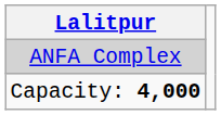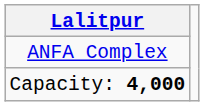 <table class="wikitable" style="text-align:center;margin:1em auto;">
 <tr>
 <th><a href='#'>Lalitpur</a></th>
 <td rowspan="4"></td>
 </tr>
 <tr>
-<td style="background: lightgrey;"><a href='#'>ANFA Complex</a></td>
+<td><a href='#'>ANFA Complex</a></td>
 </tr>
 <tr>
 <td>Capacity: <strong>4,000</strong></td>
 </tr>
 </table>
